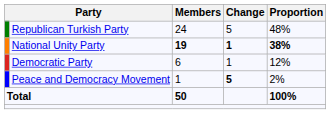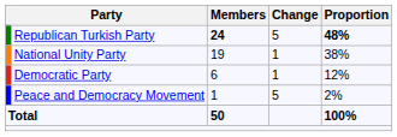 <table class=wikitable style="border:1px solid #8888aa; background-color:#f7f8ff; padding:0px; font-size:90%;">
 <tr>
 <th colspan="2">Party</th>
 <th>Members</th>
 <th>Change</th>
 <th>Proportion</th>
 </tr>
 <tr>
 <td style="background: #008000"></td>
 <td><a href='#'>Republican Turkish Party</a></td>
-<td>24</td>
+<td><strong>24</strong></td>
 <td>5</td>
-<td>48%</td>
+<td><strong>48%</strong></td>
 </tr>
 <tr>
 <td style="background: #FF7F00"></td>
 <td><a href='#'>National Unity Party</a></td>
-<td><strong>19</strong></td>
-<td><strong>1</strong></td>
-<td><strong>38%</strong></td>
+<td>19</td>
+<td>1</td>
+<td>38%</td>
 </tr>
 <tr>
 <td style="background: #DC241f"></td>
 <td><a href='#'>Democratic Party</a></td>
 <td>6</td>
 <td>1</td>
 <td>12%</td>
 </tr>
 <tr>
 <td style="background: #0000FF"></td>
 <td><a href='#'>Peace and Democracy Movement</a></td>
 <td>1</td>
-<td><strong>5</strong></td>
+<td>5</td>
 <td>2%</td>
 </tr>
 <tr>
 <td colspan="2"><strong>Total</strong></td>
 <td><strong>50</strong></td>
 <td></td>
 <td><strong>100%</strong></td>
 </tr>
 <tr>
 <td colspan="7"></td>
 </tr>
 </table>
